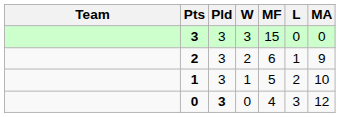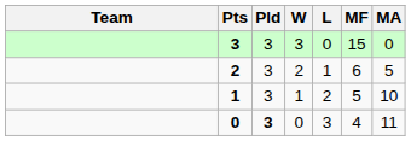 <table class=wikitable style="text-align:center">
 <tr>
 <th width=200>Team</th>
 <th width=20>Pts</th>
 <th width=20>Pld</th>
 <th width=20>W</th>
+<th width=20>L</th>
 <th width=20>MF</th>
-<th width=20>L</th>
 <th width=20>MA</th>
 </tr>
 <tr bgcolor=ccffcc>
 <td style="text-align:left"><strong></strong></td>
 <td><strong>3</strong></td>
 <td>3</td>
 <td>3</td>
+<td>0</td>
 <td>15</td>
-<td>0</td>
 <td>0</td>
 </tr>
 <tr>
 <td style="text-align:left"></td>
 <td><strong>2</strong></td>
 <td>3</td>
 <td>2</td>
+<td>1</td>
 <td>6</td>
-<td>1</td>
-<td>9</td>
+<td>5</td>
 </tr>
 <tr>
 <td style="text-align:left"></td>
 <td><strong>1</strong></td>
 <td>3</td>
 <td>1</td>
+<td>2</td>
 <td>5</td>
-<td>2</td>
 <td>10</td>
 </tr>
 <tr>
 <td style="text-align:left"></td>
 <td><strong>0</strong></td>
 <td><strong>3</strong></td>
 <td>0</td>
+<td>3</td>
 <td>4</td>
-<td>3</td>
-<td>12</td>
+<td>11</td>
 </tr>
 </table>
